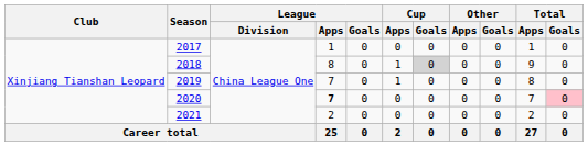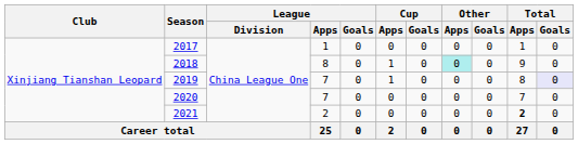 <table class="wikitable" style="text-align: center">
 <tr>
 <th rowspan="2">Club</th>
 <th rowspan="2">Season</th>
 <th colspan="3">League</th>
 <th colspan="2">Cup</th>
 <th colspan="2">Other</th>
 <th colspan="2">Total</th>
 </tr>
 <tr>
 <th>Division</th>
 <th>Apps</th>
 <th>Goals</th>
 <th>Apps</th>
 <th>Goals</th>
 <th>Apps</th>
 <th>Goals</th>
 <th>Apps</th>
 <th>Goals</th>
 </tr>
 <tr>
 <td rowspan="5"><a href='#'>Xinjiang Tianshan Leopard</a></td>
 <td><a href='#'>2017</a></td>
 <td rowspan="5"><a href='#'>China League One</a></td>
 <td>1</td>
 <td>0</td>
 <td>0</td>
 <td>0</td>
 <td>0</td>
 <td>0</td>
 <td>1</td>
 <td>0</td>
 </tr>
 <tr>
 <td><a href='#'>2018</a></td>
 <td>8</td>
 <td>0</td>
 <td>1</td>
-<td style="background: lightgrey;">0</td>
 <td>0</td>
+<td style="background: paleturquoise;">0</td>
 <td>0</td>
 <td>9</td>
 <td>0</td>
 </tr>
 <tr>
 <td><a href='#'>2019</a></td>
 <td>7</td>
 <td>0</td>
 <td>1</td>
 <td>0</td>
 <td>0</td>
 <td>0</td>
 <td>8</td>
-<td>0</td>
+<td style="background: lavender;">0</td>
 </tr>
 <tr>
 <td><a href='#'>2020</a></td>
-<td><strong>7</strong></td>
+<td>7</td>
 <td>0</td>
 <td>0</td>
 <td>0</td>
 <td>0</td>
 <td>0</td>
 <td>7</td>
-<td style="background: pink;">0</td>
+<td>0</td>
 </tr>
 <tr>
 <td><a href='#'>2021</a></td>
 <td>2</td>
 <td>0</td>
 <td>0</td>
 <td>0</td>
 <td>0</td>
 <td>0</td>
-<td>2</td>
+<td><strong>2</strong></td>
 <td>0</td>
 </tr>
 <tr>
 <th colspan=3>Career total</th>
 <th>25</th>
 <th>0</th>
 <th>2</th>
 <th>0</th>
 <th>0</th>
 <th>0</th>
 <th>27</th>
 <th>0</th>
 </tr>
 </table>
